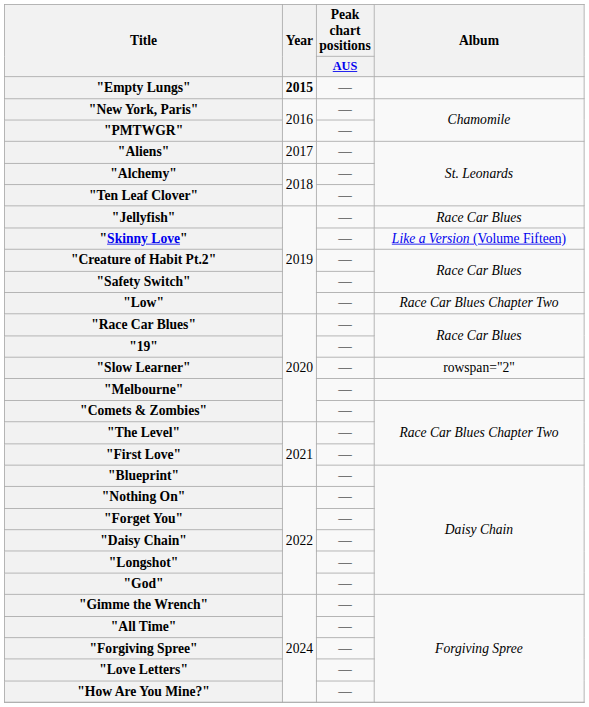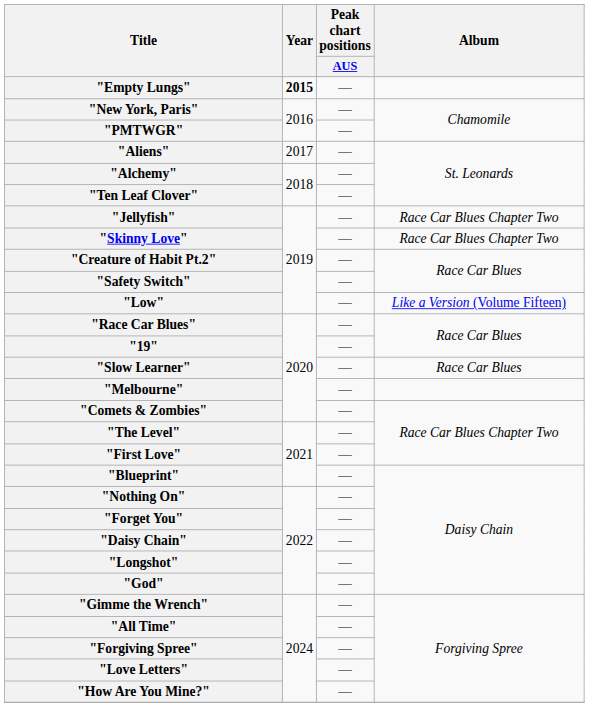 <table class="wikitable plainrowheaders" style="text-align:center;">
 <tr>
 <th scope="col" rowspan="2" style="width:20em;">Title</th>
 <th scope="col" rowspan="2" style="width:1em;">Year</th>
 <th scope="col">Peak chart positions</th>
 <th scope="col" rowspan="2" style="width:15em;">Album</th>
 </tr>
 <tr>
 <th scope="col" style="width:3em;font-size:90%;"><a href='#'>AUS</a></th>
 </tr>
 <tr>
 <th scope="row">"Empty Lungs"</th>
 <td><strong>2015</strong></td>
 <td>—</td>
 <td></td>
 </tr>
 <tr>
 <th scope="row">"New York, Paris"</th>
 <td rowspan="2">2016</td>
 <td>—</td>
 <td rowspan="2"><em>Chamomile</em></td>
 </tr>
 <tr>
 <th scope="row">"PMTWGR"</th>
 <td>—</td>
 </tr>
 <tr>
 <th scope="row">"Aliens"</th>
 <td>2017</td>
 <td>—</td>
 <td rowspan="3"><em>St. Leonards</em></td>
 </tr>
 <tr>
 <th scope="row">"Alchemy"</th>
 <td rowspan="2">2018</td>
 <td>—</td>
 </tr>
 <tr>
 <th scope="row">"Ten Leaf Clover"</th>
 <td>—</td>
 </tr>
 <tr>
 <th scope="row">"Jellyfish"</th>
 <td rowspan="5">2019</td>
 <td>—</td>
-<td><em>Race Car Blues</em></td>
+<td><em>Race Car Blues Chapter Two</em></td>
 </tr>
 <tr>
 <th scope="row">"<a href='#'>Skinny Love</a>" </th>
 <td>—</td>
-<td><a href='#'><em>Like a Version</em> (Volume Fifteen)</a></td>
+<td><em>Race Car Blues Chapter Two</em></td>
 </tr>
 <tr>
 <th scope="row">"Creature of Habit Pt.2"</th>
 <td>—</td>
 <td rowspan="2"><em>Race Car Blues</em></td>
 </tr>
 <tr>
 <th scope="row">"Safety Switch" </th>
 <td>—</td>
 </tr>
 <tr>
 <th scope="row">"Low"</th>
 <td>—</td>
-<td><em>Race Car Blues Chapter Two</em></td>
+<td><a href='#'><em>Like a Version</em> (Volume Fifteen)</a></td>
 </tr>
 <tr>
 <th scope="row">"Race Car Blues"</th>
 <td rowspan="5">2020</td>
 <td>—</td>
 <td rowspan="2"><em>Race Car Blues</em></td>
 </tr>
 <tr>
 <th scope="row">"19"</th>
 <td>—</td>
 </tr>
 <tr>
 <th scope="row">"Slow Learner"</th>
 <td>—</td>
-<td>rowspan="2" </td>
+<td><em>Race Car Blues</em></td>
 </tr>
 <tr>
 <th scope="row">"Melbourne"</th>
 <td>—</td>
 </tr>
 <tr>
 <th scope="row">"Comets & Zombies"</th>
 <td>—</td>
 <td rowspan="3"><em>Race Car Blues Chapter Two</em></td>
 </tr>
 <tr>
 <th scope="row">"The Level"</th>
 <td rowspan="3">2021</td>
 <td>—</td>
 </tr>
 <tr>
 <th scope="row">"First Love"  </th>
 <td>—</td>
 </tr>
 <tr>
 <th scope="row">"Blueprint"</th>
 <td>—</td>
 <td rowspan="6"><em>Daisy Chain</em></td>
 </tr>
 <tr>
 <th scope="row">"Nothing On"</th>
 <td rowspan="5">2022</td>
 <td>—</td>
 </tr>
 <tr>
 <th scope="row">"Forget You"</th>
 <td>—</td>
 </tr>
 <tr>
 <th scope="row">"Daisy Chain"</th>
 <td>—</td>
 </tr>
 <tr>
 <th scope="row">"Longshot"</th>
 <td>—</td>
 </tr>
 <tr>
 <th scope="row">"God"</th>
 <td>—</td>
 </tr>
 <tr>
 <th scope="row">"Gimme the Wrench"</th>
 <td rowspan="5">2024</td>
 <td>—</td>
 <td rowspan="5"><em>Forgiving Spree</em></td>
 </tr>
 <tr>
 <th scope="row">"All Time"</th>
 <td>—</td>
 </tr>
 <tr>
 <th scope="row">"Forgiving Spree"</th>
 <td>—</td>
 </tr>
 <tr>
 <th scope="row">"Love Letters"</th>
 <td>—</td>
 </tr>
 <tr>
 <th scope="row">"How Are You Mine?"</th>
 <td>—</td>
 </tr>
 <tr>
 </tr>
 </table>
